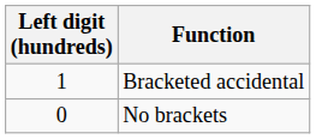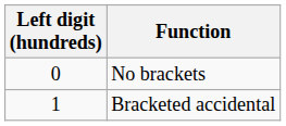 <table class="wikitable" style="text-align: left">
 <tr>
 <th>Left digit<br>(hundreds)</th>
 <th>Function</th>
 </tr>
 <tr>
+<td style="text-align: center">0</td>
+<td>No brackets</td>
+</tr>
+<tr>
 <td style="text-align: center">1</td>
 <td>Bracketed accidental</td>
 </tr>
-<tr>
-<td style="text-align: center">0</td>
-<td>No brackets</td>
-</tr>
 </table>
